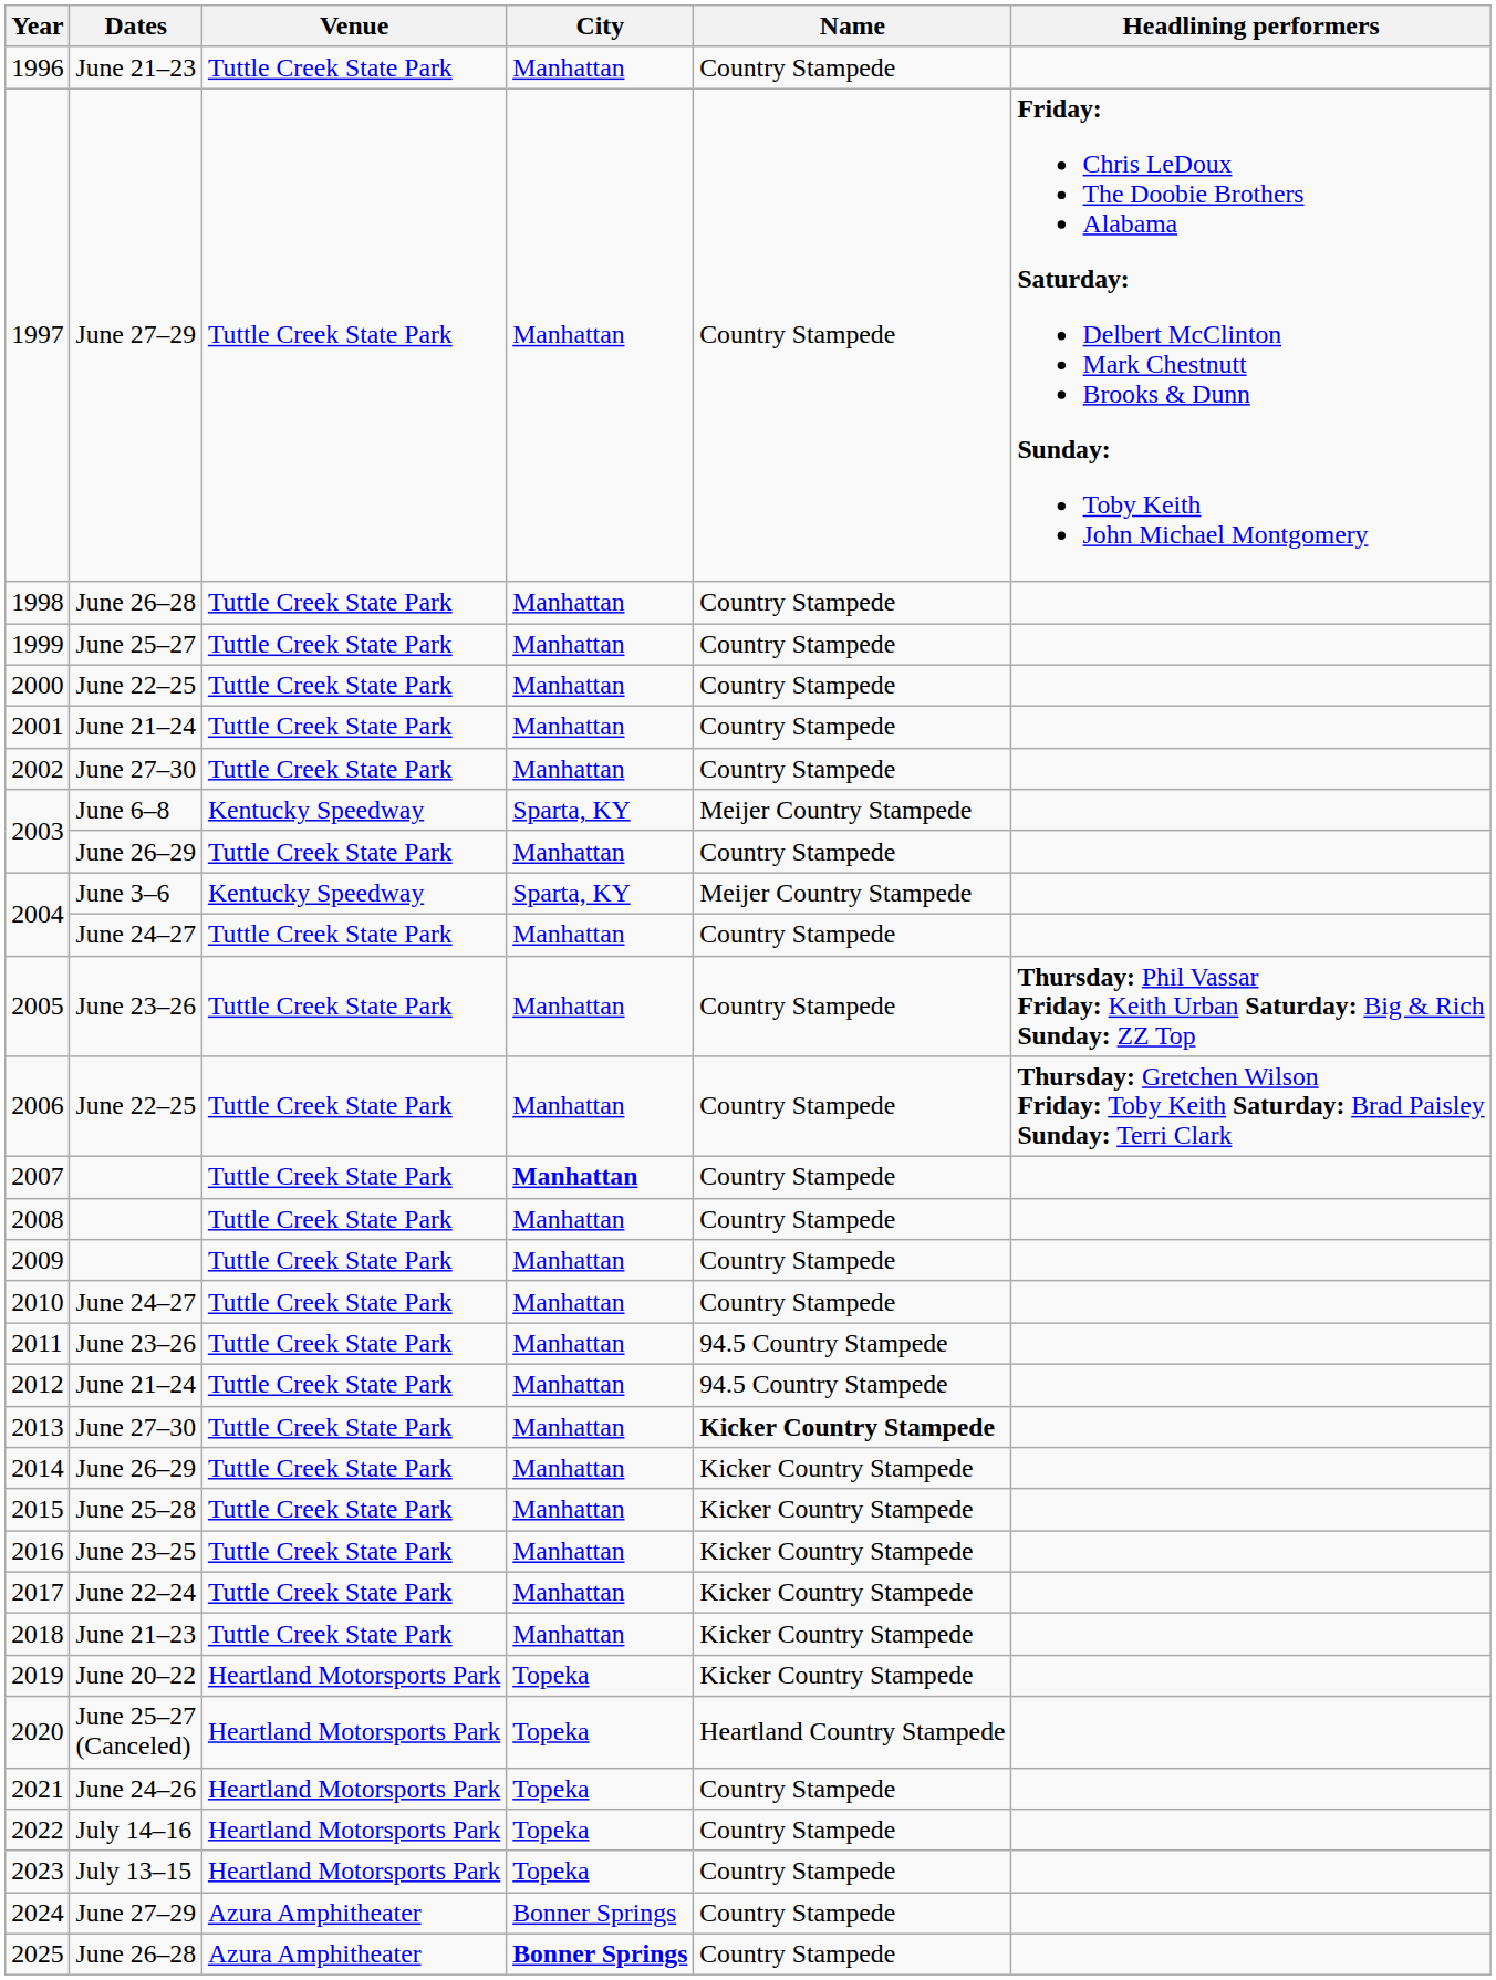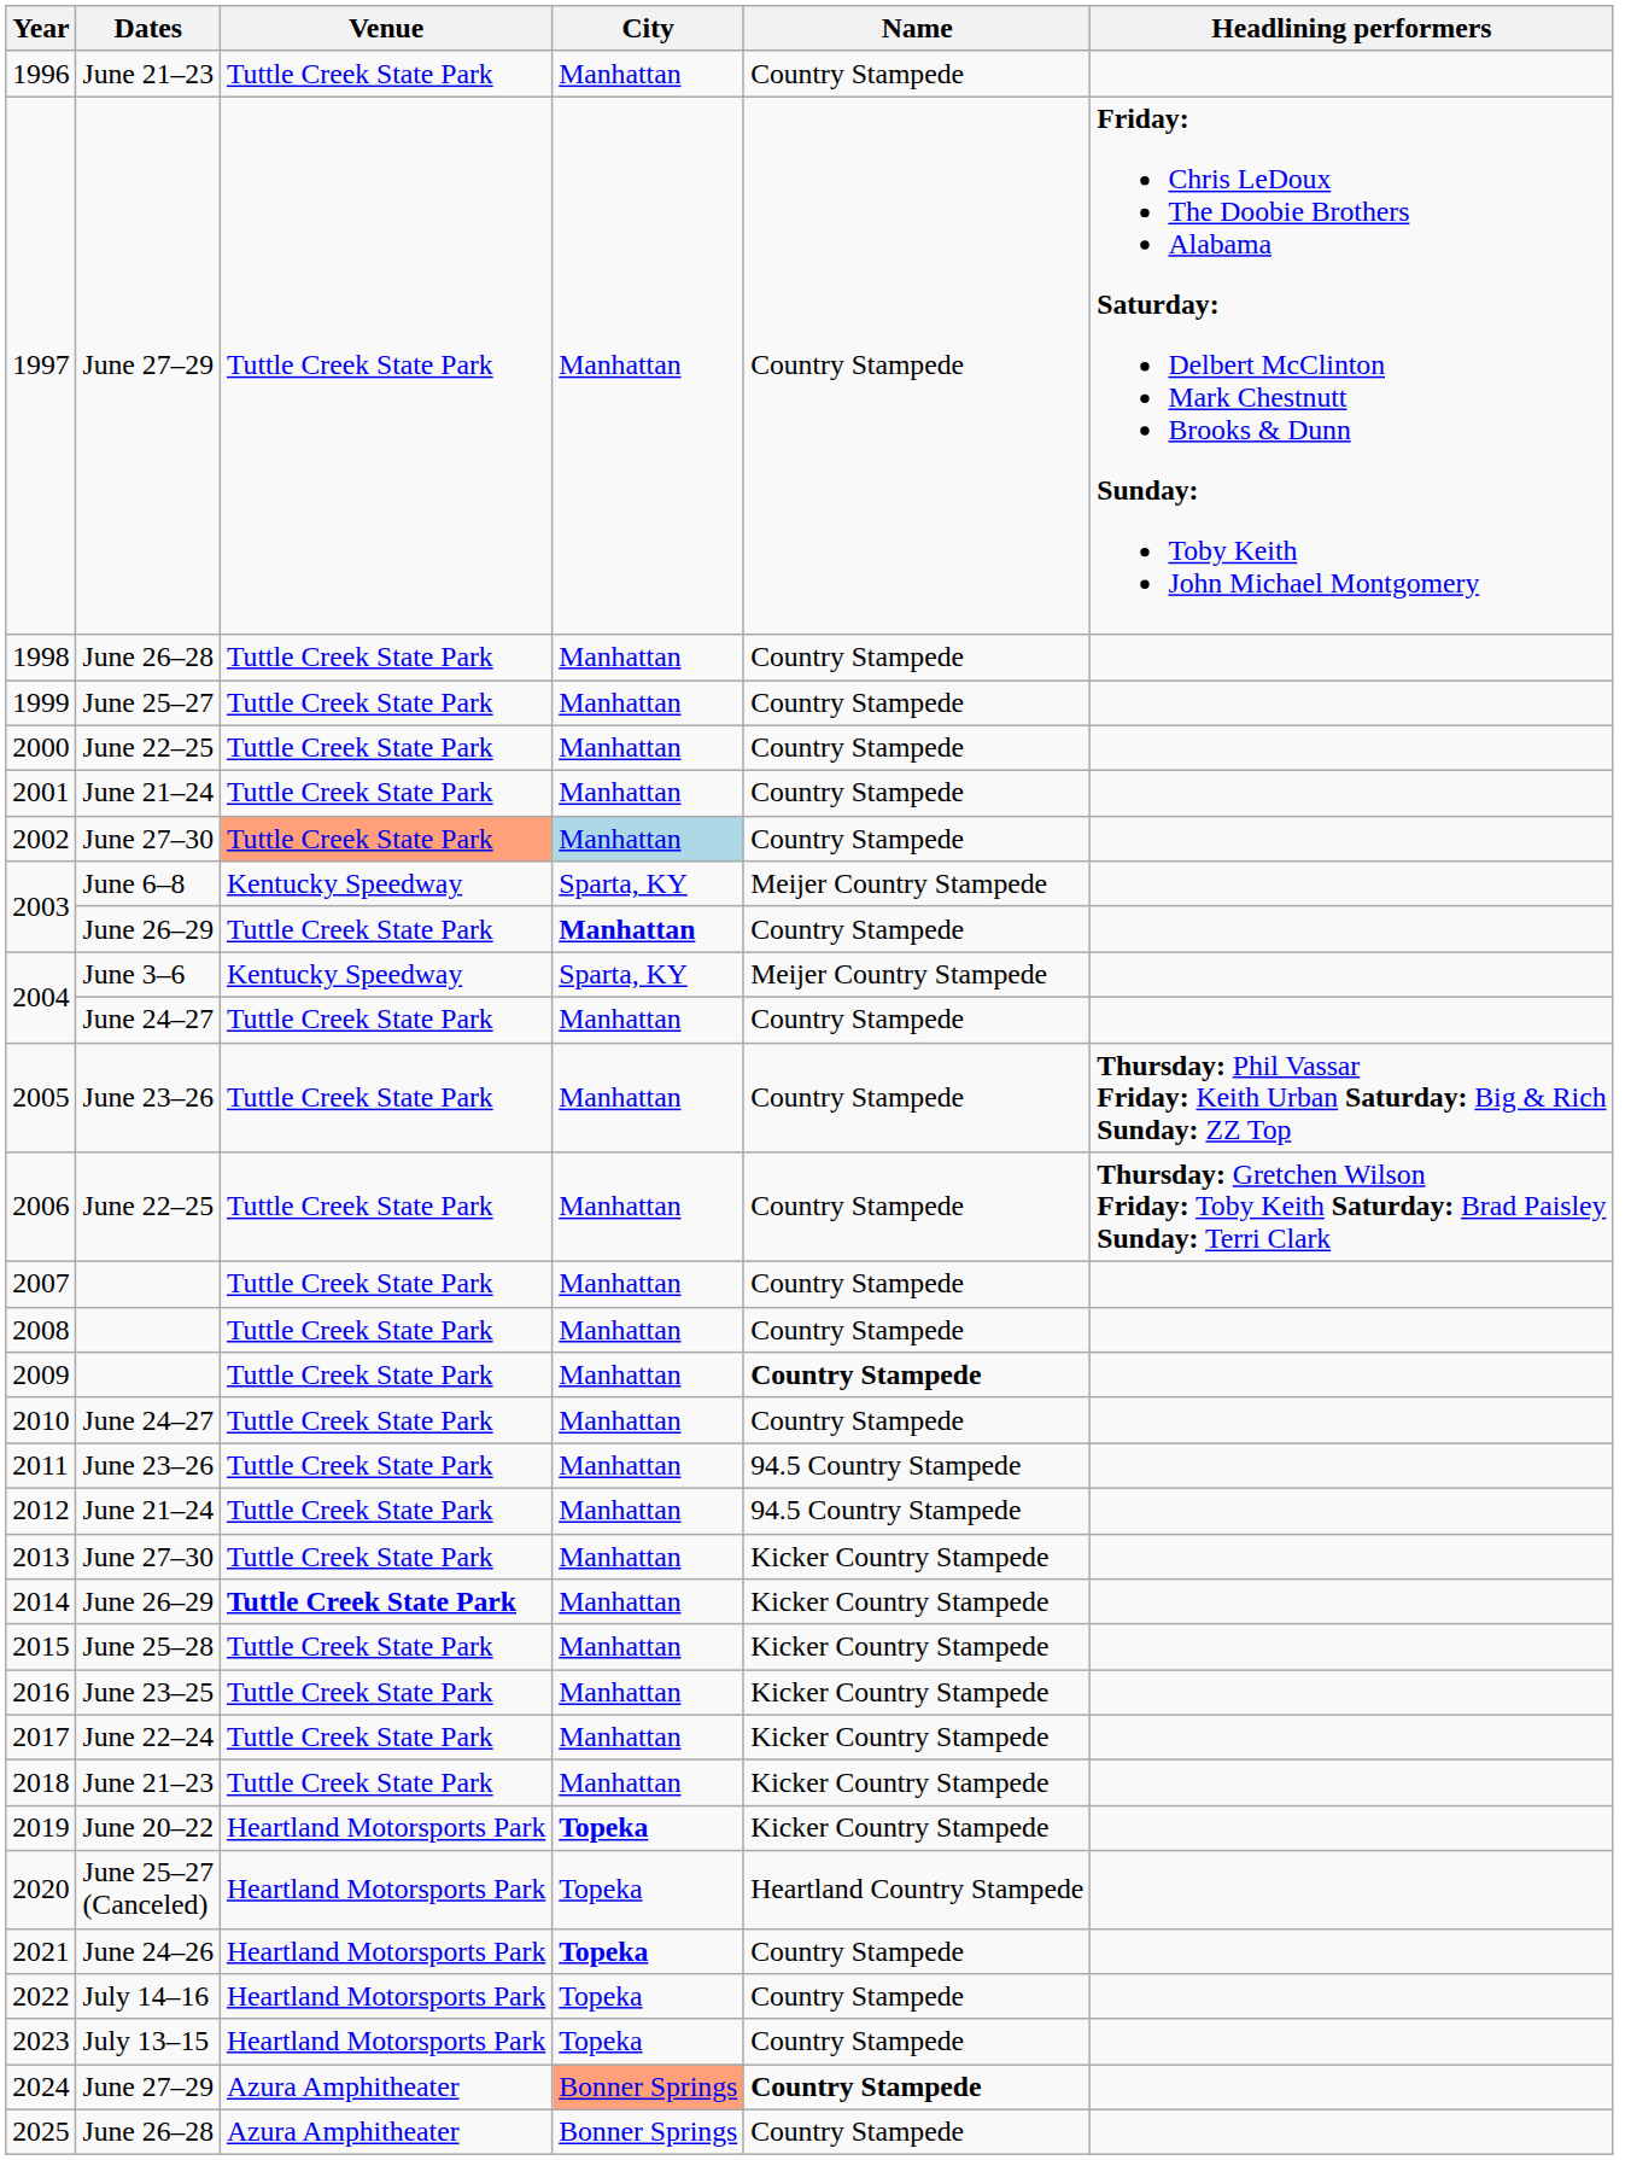 <table class="wikitable">
 <tr>
 <th>Year</th>
 <th>Dates</th>
 <th>Venue</th>
 <th>City</th>
 <th>Name</th>
 <th>Headlining performers</th>
 </tr>
 <tr>
 <td>1996</td>
 <td>June 21–23</td>
 <td><a href='#'>Tuttle Creek State Park</a></td>
 <td><a href='#'>Manhattan</a></td>
 <td>Country Stampede</td>
 <td><br></td>
 </tr>
 <tr>
 <td>1997</td>
 <td>June 27–29</td>
 <td><a href='#'>Tuttle Creek State Park</a></td>
 <td><a href='#'>Manhattan</a></td>
 <td>Country Stampede</td>
 <td><strong>Friday:</strong><br><ul><li><a href='#'>Chris LeDoux</a></li><li><a href='#'>The Doobie Brothers</a></li><li><a href='#'>Alabama</a></li></ul><strong>Saturday:</strong><ul><li><a href='#'>Delbert McClinton</a></li><li><a href='#'>Mark Chestnutt</a></li><li><a href='#'>Brooks & Dunn</a></li></ul><strong>Sunday:</strong><ul><li><a href='#'>Toby Keith</a></li><li><a href='#'>John Michael Montgomery</a></li></ul></td>
 </tr>
 <tr>
 <td>1998</td>
 <td>June 26–28</td>
 <td><a href='#'>Tuttle Creek State Park</a></td>
 <td><a href='#'>Manhattan</a></td>
 <td>Country Stampede</td>
 <td><br></td>
 </tr>
 <tr>
 <td>1999</td>
 <td>June 25–27</td>
 <td><a href='#'>Tuttle Creek State Park</a></td>
 <td><a href='#'>Manhattan</a></td>
 <td>Country Stampede</td>
 <td><br></td>
 </tr>
 <tr>
 <td>2000</td>
 <td>June 22–25</td>
 <td><a href='#'>Tuttle Creek State Park</a></td>
 <td><a href='#'>Manhattan</a></td>
 <td>Country Stampede</td>
 <td><br></td>
 </tr>
 <tr>
 <td>2001</td>
 <td>June 21–24</td>
 <td><a href='#'>Tuttle Creek State Park</a></td>
 <td><a href='#'>Manhattan</a></td>
 <td>Country Stampede</td>
 <td><br></td>
 </tr>
 <tr>
 <td>2002</td>
 <td>June 27–30</td>
-<td><a href='#'>Tuttle Creek State Park</a></td>
-<td><a href='#'>Manhattan</a></td>
+<td style="background: lightsalmon;"><a href='#'>Tuttle Creek State Park</a></td>
+<td style="background: lightblue;"><a href='#'>Manhattan</a></td>
 <td>Country Stampede</td>
 <td><br></td>
 </tr>
 <tr>
 <td rowspan="2">2003</td>
 <td>June 6–8</td>
 <td><a href='#'>Kentucky Speedway</a></td>
 <td><a href='#'>Sparta, KY</a></td>
 <td>Meijer Country Stampede</td>
 <td><br></td>
 </tr>
 <tr>
 <td>June 26–29</td>
 <td><a href='#'>Tuttle Creek State Park</a></td>
-<td><a href='#'>Manhattan</a></td>
+<td><strong><a href='#'>Manhattan</a></strong></td>
 <td>Country Stampede</td>
 <td><br></td>
 </tr>
 <tr>
 <td rowspan="2">2004</td>
 <td>June 3–6</td>
 <td><a href='#'>Kentucky Speedway</a></td>
 <td><a href='#'>Sparta, KY</a></td>
 <td>Meijer Country Stampede</td>
 <td><br></td>
 </tr>
 <tr>
 <td>June 24–27</td>
 <td><a href='#'>Tuttle Creek State Park</a></td>
 <td><a href='#'>Manhattan</a></td>
 <td>Country Stampede</td>
 <td><br></td>
 </tr>
 <tr>
 <td>2005</td>
 <td>June 23–26</td>
 <td><a href='#'>Tuttle Creek State Park</a></td>
 <td><a href='#'>Manhattan</a></td>
 <td>Country Stampede</td>
 <td><strong>Thursday:</strong> <a href='#'>Phil Vassar</a><br><strong>Friday:</strong> <a href='#'>Keith Urban</a> <strong>Saturday:</strong> <a href='#'>Big & Rich</a><br><strong>Sunday:</strong> <a href='#'>ZZ Top</a></td>
 </tr>
 <tr>
 <td>2006</td>
 <td>June 22–25</td>
 <td><a href='#'>Tuttle Creek State Park</a></td>
 <td><a href='#'>Manhattan</a></td>
 <td>Country Stampede</td>
 <td><strong>Thursday:</strong> <a href='#'>Gretchen Wilson</a><br><strong>Friday:</strong> <a href='#'>Toby Keith</a> <strong>Saturday:</strong> <a href='#'>Brad Paisley</a><br><strong>Sunday:</strong> <a href='#'>Terri Clark</a></td>
 </tr>
 <tr>
 <td>2007</td>
 <td></td>
 <td><a href='#'>Tuttle Creek State Park</a></td>
-<td><strong><a href='#'>Manhattan</a></strong></td>
+<td><a href='#'>Manhattan</a></td>
 <td>Country Stampede</td>
 <td></td>
 </tr>
 <tr>
 <td>2008</td>
 <td></td>
 <td><a href='#'>Tuttle Creek State Park</a></td>
 <td><a href='#'>Manhattan</a></td>
 <td>Country Stampede</td>
 <td></td>
 </tr>
 <tr>
 <td>2009</td>
 <td></td>
 <td><a href='#'>Tuttle Creek State Park</a></td>
 <td><a href='#'>Manhattan</a></td>
-<td>Country Stampede</td>
+<td><strong>Country Stampede</strong></td>
 <td></td>
 </tr>
 <tr>
 <td>2010</td>
 <td>June 24–27</td>
 <td><a href='#'>Tuttle Creek State Park</a></td>
 <td><a href='#'>Manhattan</a></td>
 <td>Country Stampede</td>
 <td><br></td>
 </tr>
 <tr>
 <td>2011</td>
 <td>June 23–26</td>
 <td><a href='#'>Tuttle Creek State Park</a></td>
 <td><a href='#'>Manhattan</a></td>
 <td>94.5 Country Stampede</td>
 <td><br></td>
 </tr>
 <tr>
 <td>2012</td>
 <td>June 21–24</td>
 <td><a href='#'>Tuttle Creek State Park</a></td>
 <td><a href='#'>Manhattan</a></td>
 <td>94.5 Country Stampede</td>
 <td><br></td>
 </tr>
 <tr>
 <td>2013</td>
 <td>June 27–30</td>
 <td><a href='#'>Tuttle Creek State Park</a></td>
 <td><a href='#'>Manhattan</a></td>
-<td><strong>Kicker Country Stampede</strong></td>
+<td>Kicker Country Stampede</td>
 <td><br></td>
 </tr>
 <tr>
 <td>2014</td>
 <td>June 26–29</td>
-<td><a href='#'>Tuttle Creek State Park</a></td>
+<td><strong><a href='#'>Tuttle Creek State Park</a></strong></td>
 <td><a href='#'>Manhattan</a></td>
 <td>Kicker Country Stampede</td>
 <td><br></td>
 </tr>
 <tr>
 <td>2015</td>
 <td>June 25–28</td>
 <td><a href='#'>Tuttle Creek State Park</a></td>
 <td><a href='#'>Manhattan</a></td>
 <td>Kicker Country Stampede</td>
 <td><br></td>
 </tr>
 <tr>
 <td>2016</td>
 <td>June 23–25</td>
 <td><a href='#'>Tuttle Creek State Park</a></td>
 <td><a href='#'>Manhattan</a></td>
 <td>Kicker Country Stampede</td>
 <td></td>
 </tr>
 <tr>
 <td>2017</td>
 <td>June 22–24</td>
 <td><a href='#'>Tuttle Creek State Park</a></td>
 <td><a href='#'>Manhattan</a></td>
 <td>Kicker Country Stampede</td>
 <td><br></td>
 </tr>
 <tr>
 <td>2018</td>
 <td>June 21–23</td>
 <td><a href='#'>Tuttle Creek State Park</a></td>
 <td><a href='#'>Manhattan</a></td>
 <td>Kicker Country Stampede</td>
 <td><br></td>
 </tr>
 <tr>
 <td>2019</td>
 <td>June 20–22</td>
 <td><a href='#'>Heartland Motorsports Park</a></td>
-<td><a href='#'>Topeka</a></td>
+<td><strong><a href='#'>Topeka</a></strong></td>
 <td>Kicker Country Stampede</td>
 <td><br></td>
 </tr>
 <tr>
 <td>2020</td>
 <td>June 25–27<br>(Canceled)</td>
 <td><a href='#'>Heartland Motorsports Park</a></td>
 <td><a href='#'>Topeka</a></td>
 <td>Heartland Country Stampede</td>
 <td><br></td>
 </tr>
 <tr>
 <td>2021</td>
 <td>June 24–26</td>
 <td><a href='#'>Heartland Motorsports Park</a></td>
-<td><a href='#'>Topeka</a></td>
+<td><strong><a href='#'>Topeka</a></strong></td>
 <td>Country Stampede</td>
 <td><br></td>
 </tr>
 <tr>
 <td>2022</td>
 <td>July 14–16</td>
 <td><a href='#'>Heartland Motorsports Park</a></td>
 <td><a href='#'>Topeka</a></td>
 <td>Country Stampede</td>
 <td><br></td>
 </tr>
 <tr>
 <td>2023</td>
 <td>July 13–15</td>
 <td><a href='#'>Heartland Motorsports Park</a></td>
 <td><a href='#'>Topeka</a></td>
 <td>Country Stampede</td>
 <td></td>
 </tr>
 <tr>
 <td>2024</td>
 <td>June 27–29</td>
 <td><a href='#'>Azura Amphitheater</a></td>
-<td><a href='#'>Bonner Springs</a></td>
-<td>Country Stampede</td>
+<td style="background: lightsalmon;"><a href='#'>Bonner Springs</a></td>
+<td><strong>Country Stampede</strong></td>
 <td><br></td>
 </tr>
 <tr>
 <td>2025</td>
 <td>June 26–28</td>
 <td><a href='#'>Azura Amphitheater</a></td>
-<td><strong><a href='#'>Bonner Springs</a></strong></td>
+<td><a href='#'>Bonner Springs</a></td>
 <td>Country Stampede</td>
 <td><br></td>
 </tr>
 </table>
